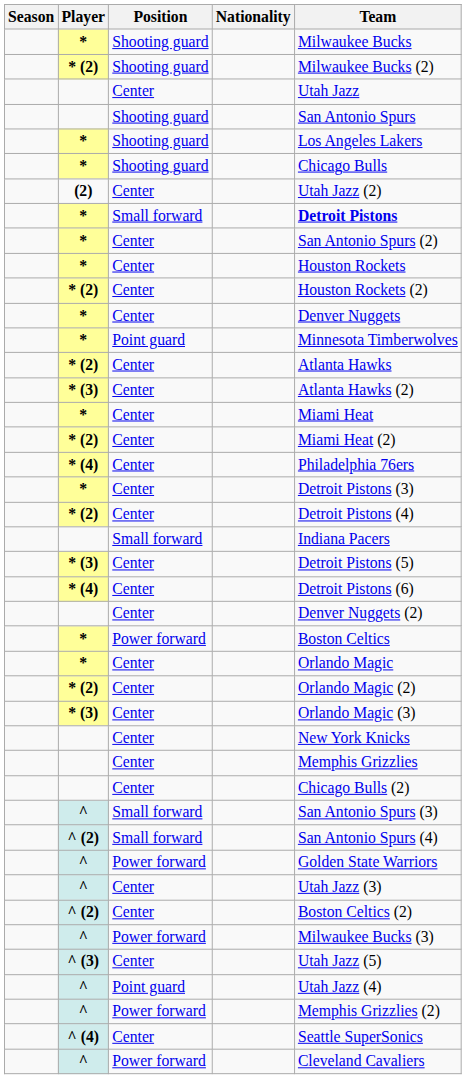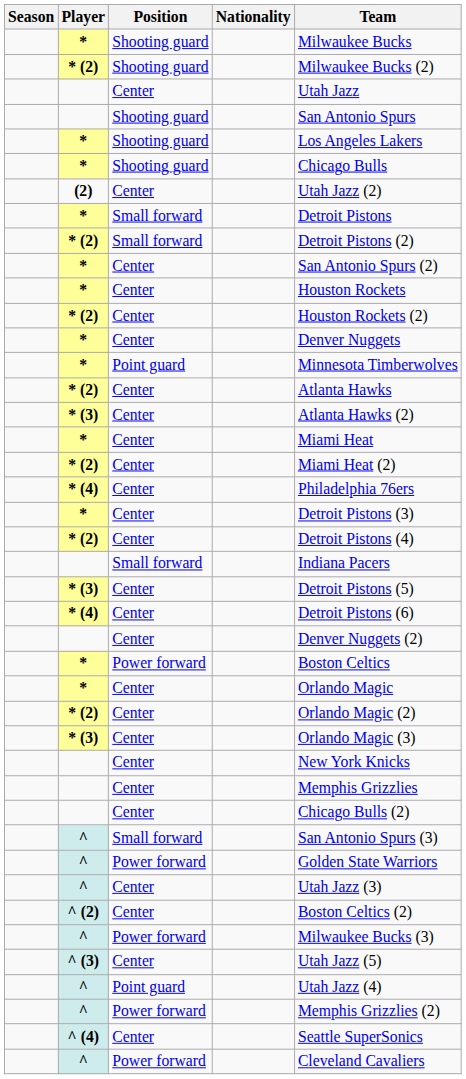 <table class="wikitable plainrowheaders sortable" summary="Season (sortable), Player (sortable), Position (sortable), Nationality (sortable) and Team (sortable)">
 <tr>
 <th scope="col">Season</th>
 <th scope="col">Player</th>
 <th scope="col">Position</th>
 <th scope="col">Nationality</th>
 <th scope="col">Team</th>
 </tr>
 <tr>
 <td></td>
 <th scope="row" style="background-color:#FFFF99">*</th>
 <td><a href='#'>Shooting guard</a></td>
 <td></td>
 <td><a href='#'>Milwaukee Bucks</a></td>
 </tr>
 <tr>
 <td></td>
 <th scope="row" style="background-color:#FFFF99">* (2)</th>
 <td><a href='#'>Shooting guard</a></td>
 <td></td>
 <td><a href='#'>Milwaukee Bucks</a> (2)</td>
 </tr>
 <tr>
 <td></td>
 <th scope="row" style="background-color:transparent;"></th>
 <td><a href='#'>Center</a></td>
 <td></td>
 <td><a href='#'>Utah Jazz</a></td>
 </tr>
 <tr>
 <td></td>
 <th scope="row" style="background-color:transparent;"></th>
 <td><a href='#'>Shooting guard</a></td>
 <td></td>
 <td><a href='#'>San Antonio Spurs</a></td>
 </tr>
 <tr>
 <td></td>
 <th scope="row" style="background-color:#FFFF99">*</th>
 <td><a href='#'>Shooting guard</a></td>
 <td></td>
 <td><a href='#'>Los Angeles Lakers</a></td>
 </tr>
 <tr>
 <td></td>
 <th scope="row" style="background-color:#FFFF99">*</th>
 <td><a href='#'>Shooting guard</a></td>
 <td></td>
 <td><a href='#'>Chicago Bulls</a></td>
 </tr>
 <tr>
 <td></td>
 <th scope="row" style="background-color:transparent;"> (2)</th>
 <td><a href='#'>Center</a></td>
 <td></td>
 <td><a href='#'>Utah Jazz</a> (2)</td>
 </tr>
 <tr>
 <td></td>
 <th scope="row" style="background-color:#FFFF99">*</th>
 <td><a href='#'>Small forward</a></td>
 <td></td>
-<td><strong><a href='#'>Detroit Pistons</a></strong></td>
+<td><a href='#'>Detroit Pistons</a></td>
+</tr>
+<tr>
+<td></td>
+<th scope="row" style="background-color:#FFFF99">* (2)</th>
+<td><a href='#'>Small forward</a></td>
+<td></td>
+<td><a href='#'>Detroit Pistons</a> (2)</td>
 </tr>
 <tr>
 <td></td>
 <th scope="row" style="background-color:#FFFF99">*</th>
 <td><a href='#'>Center</a></td>
 <td></td>
 <td><a href='#'>San Antonio Spurs</a> (2)</td>
 </tr>
 <tr>
 <td></td>
 <th scope="row" style="background-color:#FFFF99">*</th>
 <td><a href='#'>Center</a></td>
 <td></td>
 <td><a href='#'>Houston Rockets</a></td>
 </tr>
 <tr>
 <td></td>
 <th scope="row" style="background-color:#FFFF99">* (2)</th>
 <td><a href='#'>Center</a></td>
 <td></td>
 <td><a href='#'>Houston Rockets</a> (2)</td>
 </tr>
 <tr>
 <td></td>
 <th scope="row" style="background-color:#FFFF99;">*</th>
 <td><a href='#'>Center</a></td>
 <td></td>
 <td><a href='#'>Denver Nuggets</a></td>
 </tr>
 <tr>
 <td></td>
 <th scope="row" style="background-color:#FFFF99">*</th>
 <td><a href='#'>Point guard</a></td>
 <td></td>
 <td><a href='#'>Minnesota Timberwolves</a></td>
 </tr>
 <tr>
 <td></td>
 <th scope="row" style="background-color:#FFFF99;">* (2)</th>
 <td><a href='#'>Center</a></td>
 <td></td>
 <td><a href='#'>Atlanta Hawks</a></td>
 </tr>
 <tr>
 <td></td>
 <th scope="row" style="background-color:#FFFF99;">* (3)</th>
 <td><a href='#'>Center</a></td>
 <td></td>
 <td><a href='#'>Atlanta Hawks</a> (2)</td>
 </tr>
 <tr>
 <td></td>
 <th scope="row" style="background-color:#FFFF99">*</th>
 <td><a href='#'>Center</a></td>
 <td></td>
 <td><a href='#'>Miami Heat</a></td>
 </tr>
 <tr>
 <td></td>
 <th scope="row" style="background-color:#FFFF99">* (2)</th>
 <td><a href='#'>Center</a></td>
 <td></td>
 <td><a href='#'>Miami Heat</a> (2)</td>
 </tr>
 <tr>
 <td></td>
 <th scope="row" style="background-color:#FFFF99;">* (4)</th>
 <td><a href='#'>Center</a></td>
 <td></td>
 <td><a href='#'>Philadelphia 76ers</a></td>
 </tr>
 <tr>
 <td></td>
 <th scope="row" style="background-color:#FFFF99;">*</th>
 <td><a href='#'>Center</a></td>
 <td></td>
 <td><a href='#'>Detroit Pistons</a> (3)</td>
 </tr>
 <tr>
 <td></td>
 <th scope="row" style="background-color:#FFFF99;">* (2)</th>
 <td><a href='#'>Center</a></td>
 <td></td>
 <td><a href='#'>Detroit Pistons</a> (4)</td>
 </tr>
 <tr>
 <td></td>
 <th scope="row" style="background-color:transparent;"></th>
 <td><a href='#'>Small forward</a></td>
 <td></td>
 <td><a href='#'>Indiana Pacers</a></td>
 </tr>
 <tr>
 <td></td>
 <th scope="row" style="background-color:#FFFF99;">* (3)</th>
 <td><a href='#'>Center</a></td>
 <td></td>
 <td><a href='#'>Detroit Pistons</a> (5)</td>
 </tr>
 <tr>
 <td></td>
 <th scope="row" style="background-color:#FFFF99;">* (4)</th>
 <td><a href='#'>Center</a></td>
 <td></td>
 <td><a href='#'>Detroit Pistons</a> (6)</td>
 </tr>
 <tr>
 <td></td>
 <th scope="row" style="background-color:transparent;"></th>
 <td><a href='#'>Center</a></td>
 <td></td>
 <td><a href='#'>Denver Nuggets</a> (2)</td>
 </tr>
 <tr>
 <td></td>
 <th scope="row" style="background-color:#FFFF99">*</th>
 <td><a href='#'>Power forward</a></td>
 <td></td>
 <td><a href='#'>Boston Celtics</a></td>
 </tr>
 <tr>
 <td></td>
 <th scope="row" style="background-color:#FFFF99">*</th>
 <td><a href='#'>Center</a></td>
 <td></td>
 <td><a href='#'>Orlando Magic</a></td>
 </tr>
 <tr>
 <td></td>
 <th scope="row" style="background-color:#FFFF99">* (2)</th>
 <td><a href='#'>Center</a></td>
 <td></td>
 <td><a href='#'>Orlando Magic</a> (2)</td>
 </tr>
 <tr>
 <td></td>
 <th scope="row" style="background-color:#FFFF99">* (3)</th>
 <td><a href='#'>Center</a></td>
 <td></td>
 <td><a href='#'>Orlando Magic</a> (3)</td>
 </tr>
 <tr>
 <td></td>
 <th scope="row" style="background-color:transparent;"></th>
 <td><a href='#'>Center</a></td>
 <td></td>
 <td><a href='#'>New York Knicks</a></td>
 </tr>
 <tr>
 <td></td>
 <th scope="row" style="background-color:transparent"></th>
 <td><a href='#'>Center</a></td>
 <td></td>
 <td><a href='#'>Memphis Grizzlies</a></td>
 </tr>
 <tr>
 <td></td>
 <th scope="row" style="background-color:transparent;"></th>
 <td><a href='#'>Center</a></td>
 <td></td>
 <td><a href='#'>Chicago Bulls</a> (2)</td>
 </tr>
 <tr>
 <td></td>
 <th scope="row" style="background-color:#CFECEC">^</th>
 <td><a href='#'>Small forward</a></td>
 <td></td>
 <td><a href='#'>San Antonio Spurs</a> (3)</td>
 </tr>
 <tr>
 <td></td>
-<th scope="row" style="background-color:#CFECEC">^ (2)</th>
-<td><a href='#'>Small forward</a></td>
-<td></td>
-<td><a href='#'>San Antonio Spurs</a> (4)</td>
-</tr>
-<tr>
-<td></td>
 <th scope="row" style="background-color:#CFECEC">^</th>
 <td><a href='#'>Power forward</a></td>
 <td></td>
 <td><a href='#'>Golden State Warriors</a></td>
 </tr>
 <tr>
 <td></td>
 <th scope="row" style="background-color:#CFECEC">^</th>
 <td><a href='#'>Center</a></td>
 <td></td>
 <td><a href='#'>Utah Jazz</a> (3)</td>
 </tr>
 <tr>
 <td></td>
 <th scope="row" style="background-color:#CFECEC">^ (2)</th>
 <td><a href='#'>Center</a></td>
 <td></td>
 <td><a href='#'>Boston Celtics</a> (2)</td>
 </tr>
 <tr>
 <td></td>
 <th scope="row" style="background-color:#CFECEC">^</th>
 <td><a href='#'>Power forward</a></td>
 <td></td>
 <td><a href='#'>Milwaukee Bucks</a> (3)</td>
 </tr>
 <tr>
 <td></td>
 <th scope="row" style="background-color:#CFECEC">^ (3)</th>
 <td><a href='#'>Center</a></td>
 <td></td>
 <td><a href='#'>Utah Jazz</a> (5)</td>
 </tr>
 <tr>
 <td></td>
 <th scope="row" style="background-color:#CFECEC">^</th>
 <td><a href='#'>Point guard</a></td>
 <td></td>
 <td><a href='#'>Utah Jazz</a> (4)</td>
 </tr>
 <tr>
 <td></td>
 <th scope="row" style="background-color:#CFECEC">^</th>
 <td><a href='#'>Power forward</a></td>
 <td></td>
 <td><a href='#'>Memphis Grizzlies</a> (2)</td>
 </tr>
 <tr>
 <td></td>
 <th scope="row" style="background-color:#CFECEC">^ (4)</th>
 <td><a href='#'>Center</a></td>
 <td></td>
 <td><a href='#'>Seattle SuperSonics</a></td>
 </tr>
 <tr>
 <td></td>
 <th scope="row" style="background-color:#CFECEC">^</th>
 <td><a href='#'>Power forward</a></td>
 <td></td>
 <td><a href='#'>Cleveland Cavaliers</a></td>
 </tr>
 </table>
